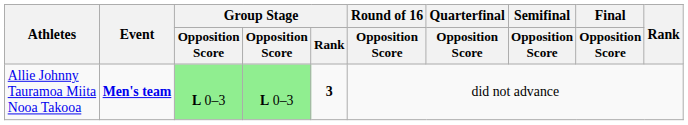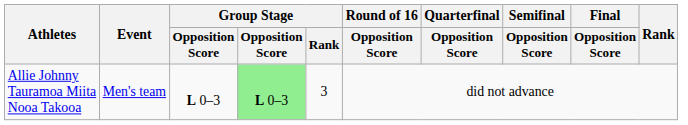 <table class="wikitable" style="font-size:90%">
 <tr>
 <th rowspan=2>Athletes</th>
 <th rowspan=2>Event</th>
 <th colspan=3>Group Stage</th>
 <th>Round of 16</th>
 <th>Quarterfinal</th>
 <th>Semifinal</th>
 <th>Final</th>
 <th rowspan=2>Rank</th>
 </tr>
 <tr style="font-size:95%">
 <th>Opposition<br>Score</th>
 <th>Opposition<br>Score</th>
 <th>Rank</th>
 <th>Opposition<br>Score</th>
 <th>Opposition<br>Score</th>
 <th>Opposition<br>Score</th>
 <th>Opposition<br>Score</th>
 </tr>
 <tr align=center>
 <td align=left><a href='#'>Allie Johnny</a><br><a href='#'>Tauramoa Miita</a><br><a href='#'>Nooa Takooa</a></td>
-<td align=left><strong><a href='#'>Men's team</a></strong></td>
+<td align=left><a href='#'>Men's team</a></td>
+<td><br><strong>L</strong> 0–3</td>
 <td style="background: lightgreen;"><br><strong>L</strong> 0–3</td>
-<td style="background: lightgreen;"><br><strong>L</strong> 0–3</td>
-<td><strong>3</strong></td>
+<td>3</td>
 <td colspan=5>did not advance</td>
 </tr>
 </table>
